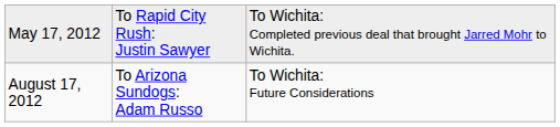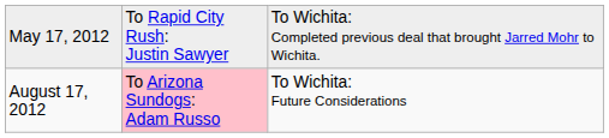 <table class="wikitable" style="border:1px solid #999999; width:580px;">
 <tr bgcolor="eeeeee">
 <td>May 17, 2012 </td>
 <td valign="top">To <a href='#'>Rapid City Rush</a>:<br> <a href='#'>Justin Sawyer</a></td>
 <td valign="top">To Wichita: <br> <small>Completed previous deal that brought <a href='#'>Jarred Mohr</a> to Wichita.</small></td>
 </tr>
 <tr>
 <td>August 17, 2012 </td>
-<td valign="top">To <a href='#'>Arizona Sundogs</a>:<br> <a href='#'>Adam Russo</a></td>
+<td valign="top" style="background: pink;">To <a href='#'>Arizona Sundogs</a>:<br> <a href='#'>Adam Russo</a></td>
 <td valign="top">To Wichita: <br> <small>Future Considerations</small></td>
 </tr>
 </table>
